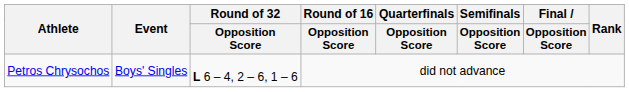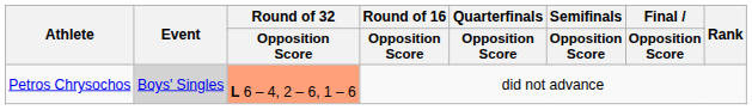 <table class=wikitable style="font-size:90%">
 <tr>
 <th rowspan="2">Athlete</th>
 <th rowspan="2">Event</th>
 <th>Round of 32</th>
 <th>Round of 16</th>
 <th>Quarterfinals</th>
 <th>Semifinals</th>
 <th>Final / </th>
 <th rowspan=2>Rank</th>
 </tr>
 <tr style="font-size:95%">
 <th>Opposition<br>Score</th>
 <th>Opposition<br>Score</th>
 <th>Opposition<br>Score</th>
 <th>Opposition<br>Score</th>
 <th>Opposition<br>Score</th>
 </tr>
 <tr align=center>
 <td align=left><a href='#'>Petros Chrysochos</a></td>
-<td align=left><a href='#'>Boys' Singles</a></td>
-<td><br><strong>L</strong> 6 – 4, 2 – 6, 1 – 6</td>
+<td align=left style="background: lightgrey;"><a href='#'>Boys' Singles</a></td>
+<td style="background: lightsalmon;"><br><strong>L</strong> 6 – 4, 2 – 6, 1 – 6</td>
 <td colspan=5>did not advance</td>
 </tr>
 </table>
